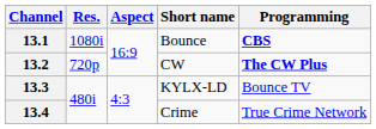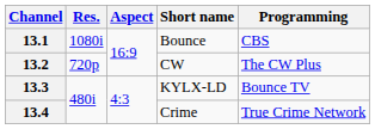 <table class="wikitable">
 <tr>
 <th scope = "col"><a href='#'>Channel</a></th>
 <th scope = "col"><a href='#'>Res.</a></th>
 <th scope = "col"><a href='#'>Aspect</a></th>
 <th scope = "col">Short name</th>
 <th scope = "col">Programming</th>
 </tr>
 <tr>
 <th scope = "row">13.1</th>
 <td><a href='#'>1080i</a></td>
 <td rowspan="2"><a href='#'>16:9</a></td>
 <td>Bounce</td>
-<td><strong><a href='#'>CBS</a></strong></td>
+<td><a href='#'>CBS</a></td>
 </tr>
 <tr>
 <th scope = "row">13.2</th>
 <td><a href='#'>720p</a></td>
 <td>CW</td>
-<td><strong><a href='#'>The CW Plus</a></strong></td>
+<td><a href='#'>The CW Plus</a></td>
 </tr>
 <tr>
 <th scope = "row">13.3</th>
 <td rowspan="2"><a href='#'>480i</a></td>
 <td rowspan="2"><a href='#'>4:3</a></td>
 <td>KYLX-LD</td>
 <td><a href='#'>Bounce TV</a></td>
 </tr>
 <tr>
 <th scope = "row">13.4</th>
 <td>Crime</td>
 <td><a href='#'>True Crime Network</a></td>
 </tr>
 </table>
